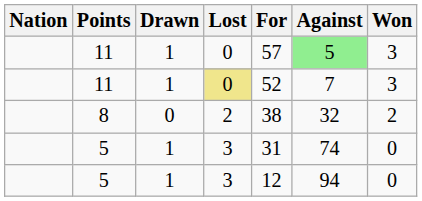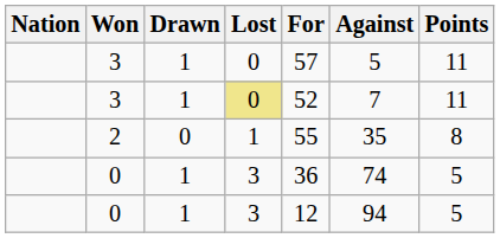 <table class="wikitable" style="text-align: center;">
 <tr>
 <th>Nation</th>
-<th>Points</th>
+<th>Won</th>
 <th>Drawn</th>
 <th>Lost</th>
 <th>For</th>
 <th>Against</th>
-<th>Won</th>
+<th>Points</th>
 </tr>
 <tr>
 <td align="left"></td>
-<td>11</td>
+<td>3</td>
 <td>1</td>
 <td>0</td>
 <td>57</td>
-<td style="background: lightgreen;">5</td>
-<td>3</td>
+<td>5</td>
+<td>11</td>
 </tr>
 <tr>
 <td align="left"></td>
-<td>11</td>
+<td>3</td>
 <td>1</td>
 <td style="background: khaki;">0</td>
 <td>52</td>
 <td>7</td>
-<td>3</td>
+<td>11</td>
 </tr>
 <tr>
 <td align="left"></td>
+<td>2</td>
+<td>0</td>
+<td>1</td>
+<td>55</td>
+<td>35</td>
 <td>8</td>
-<td>0</td>
-<td>2</td>
-<td>38</td>
-<td>32</td>
-<td>2</td>
 </tr>
 <tr>
 <td align="left"></td>
-<td>5</td>
+<td>0</td>
 <td>1</td>
 <td>3</td>
-<td>31</td>
+<td>36</td>
 <td>74</td>
-<td>0</td>
+<td>5</td>
 </tr>
 <tr>
 <td align="left"></td>
-<td>5</td>
+<td>0</td>
 <td>1</td>
 <td>3</td>
 <td>12</td>
 <td>94</td>
-<td>0</td>
+<td>5</td>
 </tr>
 </table>
